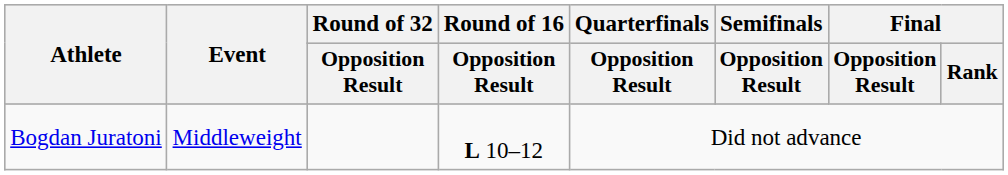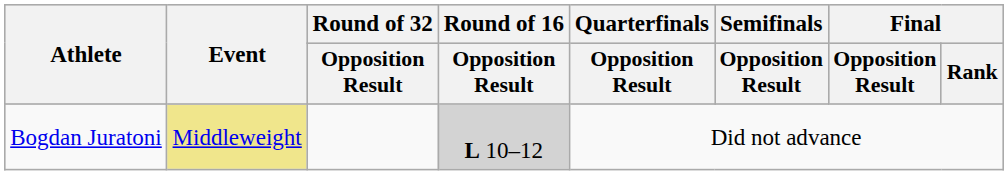 <table class="wikitable" style="font-size:90%">
 <tr>
 <th rowspan=2>Athlete</th>
 <th rowspan=2>Event</th>
 <th>Round of 32</th>
 <th>Round of 16</th>
 <th>Quarterfinals</th>
 <th>Semifinals</th>
 <th colspan=2>Final</th>
 </tr>
 <tr style="font-size:95%">
 <th>Opposition<br>Result</th>
 <th>Opposition<br>Result</th>
 <th>Opposition<br>Result</th>
 <th>Opposition<br>Result</th>
 <th>Opposition<br>Result</th>
 <th>Rank</th>
 </tr>
 <tr align=center>
 <td align=left><a href='#'>Bogdan Juratoni</a></td>
-<td align=left><a href='#'>Middleweight</a></td>
+<td align=left style="background: khaki;"><a href='#'>Middleweight</a></td>
 <td></td>
-<td><br><strong>L</strong> 10–12</td>
+<td style="background: lightgrey;"><br><strong>L</strong> 10–12</td>
 <td colspan=4>Did not advance</td>
 </tr>
 </table>
